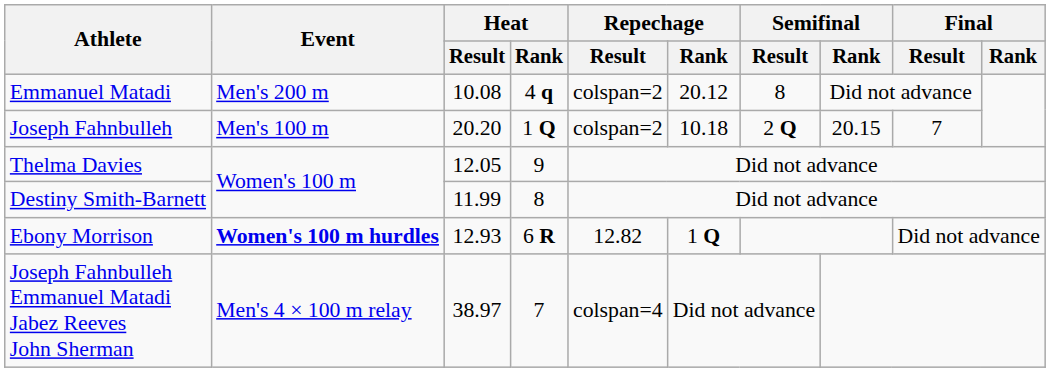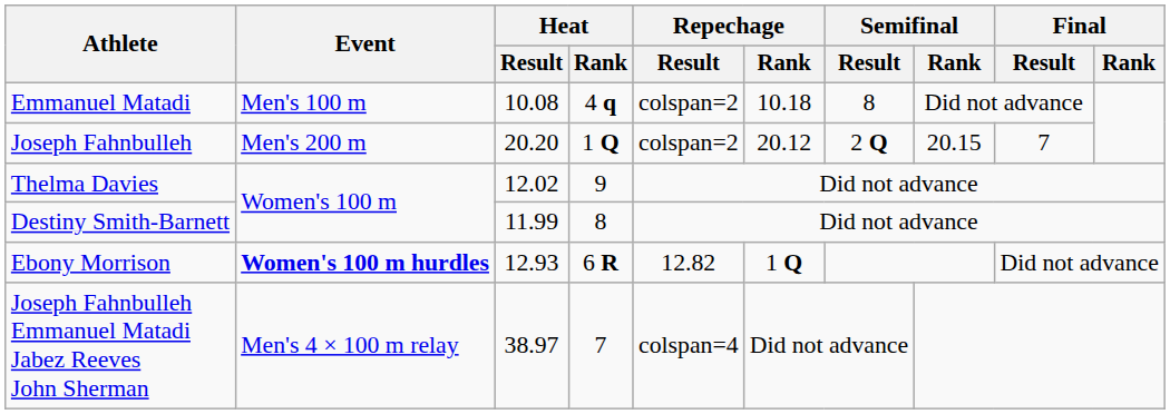 <table class="wikitable" style="font-size:90%">
 <tr>
 <th rowspan="2">Athlete</th>
 <th rowspan="2">Event</th>
 <th colspan="2">Heat</th>
 <th colspan="2">Repechage</th>
 <th colspan="2">Semifinal</th>
 <th colspan="2">Final</th>
 </tr>
 <tr style="font-size:95%">
 <th>Result</th>
 <th>Rank</th>
 <th>Result</th>
 <th>Rank</th>
 <th>Result</th>
 <th>Rank</th>
 <th>Result</th>
 <th>Rank</th>
 </tr>
 <tr align=center>
 <td align=left><a href='#'>Emmanuel Matadi</a></td>
-<td align=left><a href='#'>Men's 200 m</a></td>
+<td align=left><a href='#'>Men's 100 m</a></td>
 <td>10.08</td>
 <td>4 <strong>q</strong></td>
 <td>colspan=2 </td>
-<td>20.12</td>
+<td>10.18</td>
 <td>8</td>
 <td colspan=2>Did not advance</td>
 </tr>
 <tr align=center>
 <td align=left><a href='#'>Joseph Fahnbulleh</a></td>
-<td align=left><a href='#'>Men's 100 m</a></td>
+<td align=left><a href='#'>Men's 200 m</a></td>
 <td>20.20</td>
 <td>1 <strong>Q</strong></td>
 <td>colspan=2 </td>
-<td>10.18</td>
+<td>20.12</td>
 <td>2 <strong>Q</strong></td>
 <td>20.15</td>
 <td>7</td>
 </tr>
 <tr align=center>
 <td align=left><a href='#'>Thelma Davies</a></td>
 <td align=left rowspan=2><a href='#'>Women's 100 m</a></td>
-<td>12.05</td>
+<td>12.02</td>
 <td>9</td>
 <td colspan=6>Did not advance</td>
 </tr>
 <tr align=center>
 <td align=left><a href='#'>Destiny Smith-Barnett</a></td>
 <td>11.99</td>
 <td>8</td>
 <td colspan=6>Did not advance</td>
 </tr>
 <tr align=center>
 <td align=left><a href='#'>Ebony Morrison</a></td>
 <td align=left><strong><a href='#'>Women's 100 m hurdles</a></strong></td>
 <td>12.93</td>
 <td>6 <strong>R</strong></td>
 <td>12.82</td>
 <td>1 <strong>Q</strong></td>
 <td colspan=2></td>
 <td colspan=2>Did not advance</td>
 </tr>
 <tr align=center>
 <td align=left><a href='#'>Joseph Fahnbulleh</a><br><a href='#'>Emmanuel Matadi</a><br><a href='#'>Jabez Reeves</a><br><a href='#'>John Sherman</a></td>
 <td align=left><a href='#'>Men's 4 × 100 m relay</a></td>
 <td>38.97</td>
 <td>7</td>
 <td>colspan=4 </td>
 <td colspan=2>Did not advance</td>
 </tr>
 </table>
